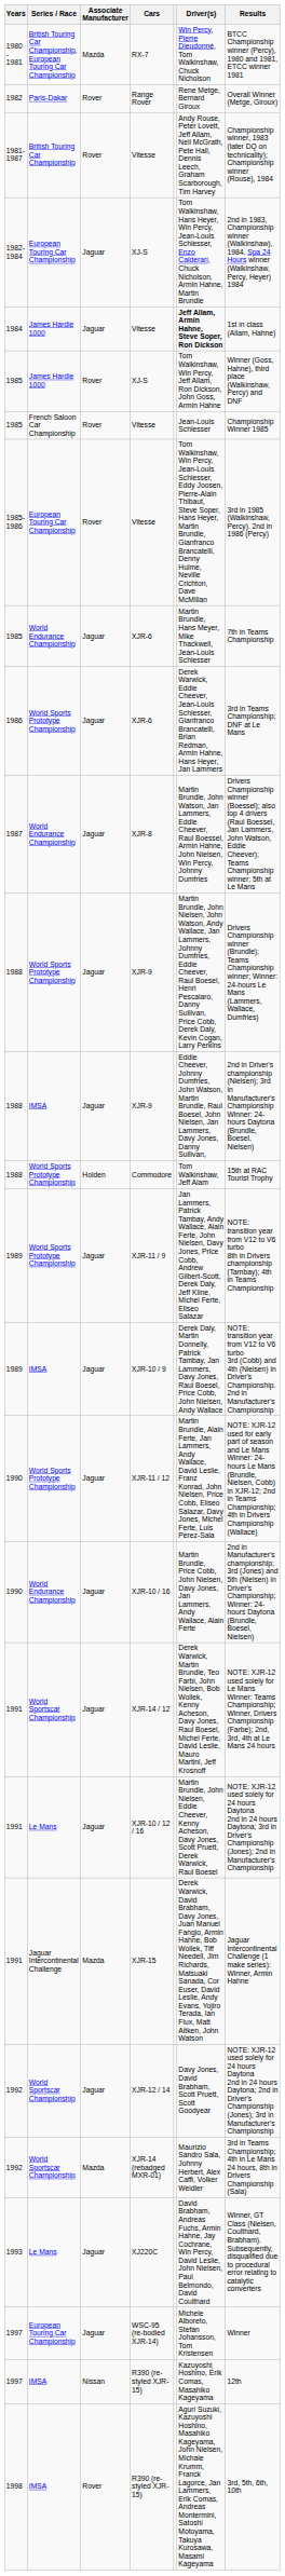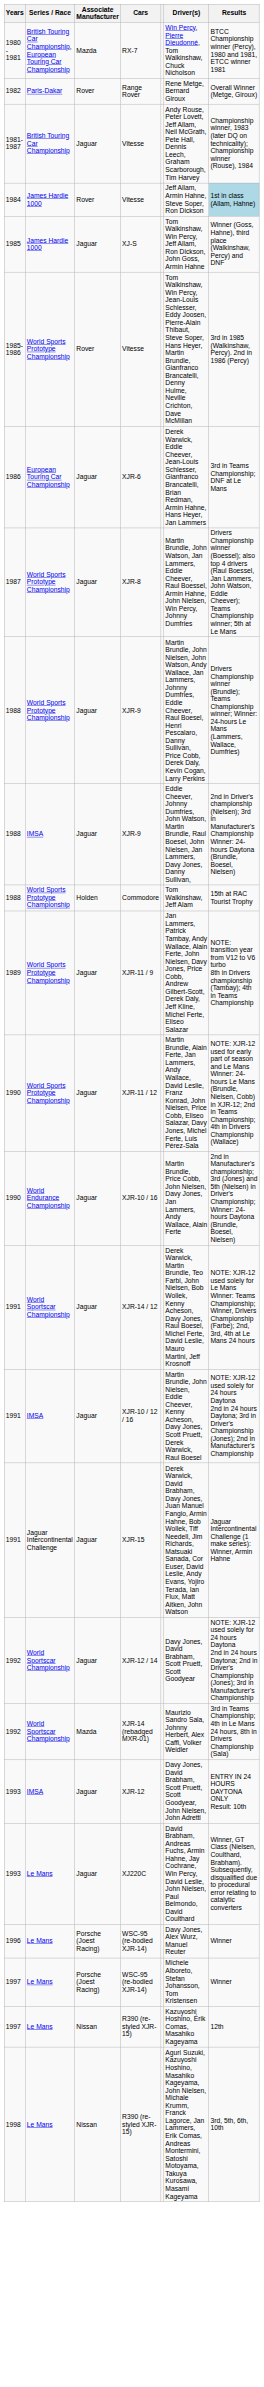 <table class=wikitable>
 <tr>
 <th>Years</th>
 <th>Series / Race</th>
 <th>Associate Manufacturer</th>
 <th>Cars</th>
 <th></th>
 <th>Driver(s)</th>
 <th>Results</th>
 </tr>
 <tr>
 <td>1980 - 1981</td>
 <td><a href='#'>British Touring Car Championship</a>, <a href='#'>European Touring Car Championship</a></td>
 <td>Mazda</td>
 <td>RX-7</td>
 <td></td>
 <td><a href='#'>Win Percy</a>, <a href='#'>Pierre Dieudonné</a>, Tom Walkinshaw, Chuck Nicholson</td>
 <td>BTCC Championship winner (Percy), 1980 and 1981, ETCC winner 1981 </td>
 </tr>
 <tr>
 <td>1982</td>
 <td><a href='#'>Paris-Dakar</a></td>
 <td>Rover</td>
 <td>Range Rover</td>
 <td></td>
 <td>Rene Metge, Bernard Giroux</td>
 <td>Overall Winner (Metge, Giroux)</td>
 </tr>
 <tr>
 <td>1981-1987</td>
 <td><a href='#'>British Touring Car Championship</a></td>
-<td>Rover</td>
+<td>Jaguar</td>
 <td>Vitesse</td>
 <td></td>
 <td>Andy Rouse, Peter Lovett, Jeff Allam, Neil McGrath, Pete Hall, Dennis Leech, Graham Scarborough, Tim Harvey</td>
 <td>Championship winner, 1983 (later DQ on technicality); Championship winner (Rouse), 1984 </td>
 </tr>
 <tr>
-<td>1982-1984</td>
-<td><a href='#'>European Touring Car Championship</a></td>
-<td>Jaguar</td>
-<td>XJ-S</td>
-<td></td>
-<td>Tom Walkinshaw, Hans Heyer, Win Percy, Jean-Louis Schlesser, <a href='#'>Enzo Calderari</a>, Chuck Nicholson, Armin Hahne, Martin Brundle</td>
-<td>2nd in 1983, Championship winner (Walkinshaw), 1984. <a href='#'>Spa 24 Hours</a> winner (Walkinshaw, Percy, Heyer) 1984</td>
-</tr>
-<tr>
 <td>1984</td>
 <td><a href='#'>James Hardie 1000</a></td>
-<td>Jaguar</td>
+<td>Rover</td>
 <td>Vitesse</td>
 <td></td>
-<td><strong>Jeff Allam, Armin Hahne, Steve Soper, Ron Dickson</strong></td>
-<td>1st in class (Allam, Hahne)</td>
+<td>Jeff Allam, Armin Hahne, Steve Soper, Ron Dickson</td>
+<td style="background: lightblue;">1st in class (Allam, Hahne)</td>
 </tr>
 <tr>
 <td>1985</td>
 <td><a href='#'>James Hardie 1000</a></td>
-<td>Rover</td>
+<td>Jaguar</td>
 <td>XJ-S</td>
 <td></td>
 <td>Tom Walkinshaw, Win Percy, Jeff Allam, Ron Dickson, John Goss, Armin Hahne</td>
 <td>Winner (Goss, Hahne), third place (Walkinshaw, Percy) and DNF</td>
 </tr>
 <tr>
-<td>1985</td>
-<td>French Saloon Car Championship</td>
-<td>Rover</td>
-<td>Vitesse</td>
-<td></td>
-<td>Jean-Louis Schlesser</td>
-<td>Championship Winner 1985</td>
-</tr>
-<tr>
 <td>1985-1986</td>
-<td><a href='#'>European Touring Car Championship</a></td>
+<td><a href='#'>World Sports Prototype Championship</a></td>
 <td>Rover</td>
 <td>Vitesse</td>
 <td></td>
 <td>Tom Walkinshaw, Win Percy, Jean-Louis Schlesser, Eddy Joosen, Pierre-Alain Thibaut, Steve Soper, Hans Heyer, Martin Brundle, Gianfranco Brancatelli, Denny Hulme, Neville Crichton, Dave McMillan</td>
 <td>3rd in 1985 (Walkinshaw, Percy). 2nd in 1986 (Percy)</td>
 </tr>
 <tr>
-<td>1985</td>
-<td><a href='#'>World Endurance Championship</a></td>
-<td>Jaguar</td>
-<td>XJR-6</td>
-<td></td>
-<td>Martin Brundle, Hans Meyer, Mike Thackwell, Jean-Louis Schlesser</td>
-<td>7th in Teams Championship </td>
-</tr>
-<tr>
 <td>1986</td>
-<td><a href='#'>World Sports Prototype Championship</a></td>
+<td><a href='#'>European Touring Car Championship</a></td>
 <td>Jaguar</td>
 <td>XJR-6</td>
 <td></td>
 <td>Derek Warwick, Eddie Cheever, Jean-Louis Schlesser, Gianfranco Brancatelli, Brian Redman, Armin Hahne, Hans Heyer, Jan Lammers</td>
 <td>3rd in Teams Championship; DNF at Le Mans </td>
 </tr>
 <tr>
 <td>1987</td>
-<td><a href='#'>World Endurance Championship</a></td>
+<td><a href='#'>World Sports Prototype Championship</a></td>
 <td>Jaguar</td>
 <td>XJR-8</td>
 <td></td>
 <td>Martin Brundle, John Watson, Jan Lammers, Eddie Cheever, Raul Boessel, Armin Hahne, John Nielsen, Win Percy, Johnny Dumfries</td>
 <td>Drivers Championship winner (Boessel); also top 4 drivers (Raul Boessel, Jan Lammers, John Watson, Eddie Cheever); Teams Championship winner; 5th at Le Mans </td>
 </tr>
 <tr>
 <td>1988</td>
 <td><a href='#'>World Sports Prototype Championship</a></td>
 <td>Jaguar</td>
 <td>XJR-9</td>
 <td></td>
 <td>Martin Brundle, John Nielsen, John Watson, Andy Wallace, Jan Lammers, Johnny Dumfries, Eddie Cheever, Raul Boesel, Henri Pescalaro, Danny Sullivan, Price Cobb, Derek Daly, Kevin Cogan, Larry Perkins</td>
 <td>Drivers Championship winner (Brundle); Teams Championship winner; Winner: 24-hours Le Mans (Lammers, Wallace, Dumfries) </td>
 </tr>
 <tr>
 <td>1988</td>
 <td><a href='#'>IMSA</a></td>
 <td>Jaguar</td>
 <td>XJR-9</td>
 <td></td>
 <td>Eddie Cheever, Johnny Dumfries, John Watson, Martin Brundle, Raul Boesel, John Nielsen, Jan Lammers, Davy Jones, Danny Sullivan,</td>
 <td>2nd in Driver's championship (Nielsen); 3rd in Manufacturer's Championship<br>Winner: 24-hours Daytona (Brundle, Boesel,  Nielsen) </td>
 </tr>
 <tr>
 <td>1988</td>
 <td><a href='#'>World Sports Prototype Championship</a></td>
 <td>Holden</td>
 <td>Commodore</td>
 <td></td>
 <td>Tom Walkinshaw, Jeff Alam</td>
 <td>15th at RAC Tourist Trophy</td>
 </tr>
 <tr>
 <td>1989</td>
 <td><a href='#'>World Sports Prototype Championship</a></td>
 <td>Jaguar</td>
 <td>XJR-11 / 9</td>
 <td></td>
 <td>Jan Lammers, Patrick Tambay, Andy Wallace, Alain Ferte, John Nielsen, Davy Jones, Price Cobb, Andrew Gilbert-Scott, Derek Daly, Jeff Kline, Michel Ferte, Eliseo Salazar</td>
 <td>NOTE: transition year from V12 to V6 turbo<br>8th in Drivers championship (Tambay); 4th in Teams Championship </td>
 </tr>
 <tr>
-<td>1989</td>
-<td><a href='#'>IMSA</a></td>
-<td>Jaguar</td>
-<td>XJR-10 / 9</td>
-<td></td>
-<td>Derek Daly, Martin Donnelly, Patrick Tambay, Jan Lammers, Davy Jones, Raul Boesel, Price Cobb, John Nielsen, Andy Wallace</td>
-<td>NOTE: transition year from V12 to V6 turbo<br>3rd (Cobb) and 4th (Nielsen) in Driver's Championship.  2nd in Manufacturer's Championship </td>
-</tr>
-<tr>
 <td>1990</td>
 <td><a href='#'>World Sports Prototype Championship</a></td>
 <td>Jaguar</td>
 <td>XJR-11 / 12</td>
 <td></td>
 <td>Martin Brundle, Alain Ferte, Jan Lammers, Andy Wallace, David Leslie, Franz Konrad, John Nielsen, Price Cobb, Eliseo Salazar, Davy Jones, Michel Ferte, Luis Pérez-Sala</td>
 <td>NOTE: XJR-12 used for early part of season and Le Mans<br>Winner: 24-hours Le Mans (Brundle, Nielsen, Cobb) in XJR-12; 2nd in Teams Championship; 4th in Drivers Championship (Wallace) </td>
 </tr>
 <tr>
 <td>1990</td>
 <td><a href='#'>World Endurance Championship</a></td>
 <td>Jaguar</td>
 <td>XJR-10 / 16</td>
 <td></td>
 <td>Martin Brundle, Price Cobb, John Nielsen, Davy Jones, Jan Lammers, Andy Wallace, Alain Ferte</td>
 <td>2nd in Manufacturer's championship; 3rd (Jones) and 5th (Nielsen) in Driver's Championship; Winner: 24-hours Daytona (Brundle, Boesel,  Nielsen) </td>
 </tr>
 <tr>
 <td>1991</td>
 <td><a href='#'>World Sportscar Championship</a></td>
 <td>Jaguar</td>
 <td>XJR-14 / 12</td>
 <td></td>
 <td>Derek Warwick, Martin Brundle, Teo Farbi, John Nielsen, Bob Wollek, Kenny Acheson, Davy Jones, Raul Boesel, Michel Ferte, David Leslie, Mauro Martini, Jeff Krosnoff</td>
 <td>NOTE: XJR-12 used solely for Le Mans<br>Winner: Teams Championship; Winner, Drivers Championship (Farbe); 2nd, 3rd, 4th at Le Mans 24 hours </td>
 </tr>
 <tr>
 <td>1991</td>
-<td><a href='#'>Le Mans</a></td>
+<td><a href='#'>IMSA</a></td>
 <td>Jaguar</td>
 <td>XJR-10 / 12 / 16</td>
 <td></td>
 <td>Martin Brundle, John Nielsen, Eddie Cheever, Kenny Acheson, Davy Jones, Scott Pruett, Derek Warwick, Raul Boesel</td>
 <td>NOTE: XJR-12 used solely for 24 hours Daytona<br>2nd in 24 hours Daytona; 3rd in Driver's Championship (Jones); 2nd in Manufacturer's Championship </td>
 </tr>
 <tr>
 <td>1991</td>
 <td>Jaguar Intercontinental Challenge</td>
-<td>Mazda</td>
+<td>Jaguar</td>
 <td>XJR-15</td>
 <td></td>
 <td>Derek Warwick, David Brabham, Davy Jones, Juan Manuel Fangio, Armin Hahne, Bob Wollek, Tiff Needell,  Jim Richards, Matsuaki Sanada, Cor Euser, David Leslie, Andy Evans, Yojiro Terada, Ian Flux, Matt Aitken, John Watson</td>
 <td>Jaguar Intercontinental Challenge (1 make series): Winner, Armin Hahne </td>
 </tr>
 <tr>
 <td>1992</td>
 <td><a href='#'>World Sportscar Championship</a></td>
 <td>Jaguar</td>
 <td>XJR-12 / 14</td>
 <td></td>
 <td>Davy Jones, David Brabham, Scott Pruett, Scott Goodyear</td>
 <td>NOTE: XJR-12 used solely for 24 hours Daytona<br>2nd in 24 hours Daytona; 2nd in Driver's Championship (Jones); 3rd in Manufacturer's Championship </td>
 </tr>
 <tr>
 <td>1992</td>
 <td><a href='#'>World Sportscar Championship</a></td>
 <td>Mazda</td>
 <td>XJR-14 (rebadged MXR-01)</td>
 <td></td>
 <td>Maurizio Sandro Sala, Johnny Herbert, Alex Caffi, Volker Weidler</td>
 <td>3rd in Teams Championship; 4th in Le Mans 24 hours, 8th in Drivers Championship (Sala) </td>
 </tr>
 <tr>
 <td>1993</td>
+<td><a href='#'>IMSA</a></td>
+<td>Jaguar</td>
+<td>XJR-12</td>
+<td></td>
+<td>Davy Jones, David Brabham, Scott Pruett, Scott Goodyear, John Nielsen, John Adretti</td>
+<td>ENTRY IN 24 HOURS DAYTONA ONLY<br>Result: 10th </td>
+</tr>
+<tr>
+<td>1993</td>
 <td><a href='#'>Le Mans</a></td>
 <td>Jaguar</td>
 <td>XJ220C</td>
 <td></td>
 <td>David Brabham, Andreas Fuchs, Armin Hahne, Jay Cochrane, Win Percy, David Leslie, John Nielsen, Paul Belmondo, David Coulthard</td>
 <td>Winner, GT Class (Nielsen, Coulthard, Brabham).  Subsequently, disqualified due to procedural error relating to catalytic converters </td>
 </tr>
 <tr>
+<td>1996</td>
+<td><a href='#'>Le Mans</a></td>
+<td>Porsche (Joest Racing)</td>
+<td>WSC-95 (re-bodied XJR-14)</td>
+<td></td>
+<td>Davy Jones, Alex Wurz, Manuel Reuter</td>
+<td>Winner </td>
+</tr>
+<tr>
 <td>1997</td>
-<td><a href='#'>European Touring Car Championship</a></td>
-<td>Jaguar</td>
+<td><a href='#'>Le Mans</a></td>
+<td>Porsche (Joest Racing)</td>
 <td>WSC-95 (re-bodied XJR-14)</td>
 <td></td>
 <td>Michele Alboreto, Stefan Johansson, Tom Kristensen</td>
 <td>Winner </td>
 </tr>
 <tr>
 <td>1997</td>
-<td><a href='#'>IMSA</a></td>
+<td><a href='#'>Le Mans</a></td>
 <td>Nissan</td>
 <td>R390 (re-styled XJR-15)</td>
 <td></td>
 <td>Kazuyoshi Hoshino, Érik Comas, Masahiko Kageyama</td>
 <td>12th</td>
 </tr>
 <tr>
 <td>1998</td>
-<td><a href='#'>IMSA</a></td>
-<td>Rover</td>
+<td><a href='#'>Le Mans</a></td>
+<td>Nissan</td>
 <td>R390 (re-styled XJR-15)</td>
 <td></td>
 <td>Aguri Suzuki, Kazuyoshi Hoshino, Masahiko Kageyama, John Nielsen, Michale Krumm, Franck Lagorce, Jan Lammers, Erik Comas, Andreas Montermini,  Satoshi Motoyama,  Takuya Kurosawa, Masami Kageyama</td>
 <td>3rd, 5th, 6th, 10th </td>
 </tr>
 </table>
